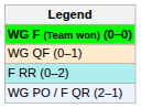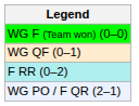 <table class=wikitable style=font-size:90%>
 <tr>
 <th>Legend</th>
 </tr>
 <tr bgcolor=lime>
-<td><strong>WG F <small>(Team won)</small> (0–0)</strong></td>
+<td>WG F <small>(Team won)</small> (0–0)</td>
 </tr>
 <tr bgcolor=ffebcd>
 <td>WG QF (0–1)</td>
 </tr>
 <tr bgcolor=afeeee>
 <td>F RR (0–2)</td>
 </tr>
 <tr bgcolor=ecf2ff>
 <td>WG PO / F QR (2–1)</td>
 </tr>
 </table>
